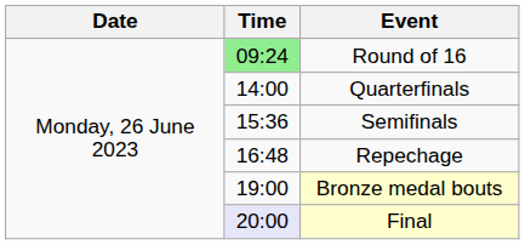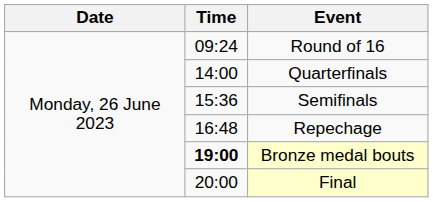 <table class = "wikitable" style="text-align:center;">
 <tr>
 <th width=160>Date</th>
 <th width=50>Time</th>
 <th width=160>Event</th>
 </tr>
 <tr>
 <td rowspan=6>Monday, 26 June 2023</td>
-<td style="background: lightgreen;">09:24</td>
+<td>09:24</td>
 <td>Round of 16</td>
 </tr>
 <tr>
 <td>14:00</td>
 <td>Quarterfinals</td>
 </tr>
 <tr>
 <td>15:36</td>
 <td>Semifinals</td>
 </tr>
 <tr>
 <td>16:48</td>
 <td>Repechage</td>
 </tr>
 <tr>
-<td>19:00</td>
+<td><strong>19:00</strong></td>
 <td bgcolor=ffffcc>Bronze medal bouts</td>
 </tr>
 <tr>
-<td style="background: lavender;">20:00</td>
+<td>20:00</td>
 <td bgcolor=ffffcc>Final</td>
 </tr>
 </table>
